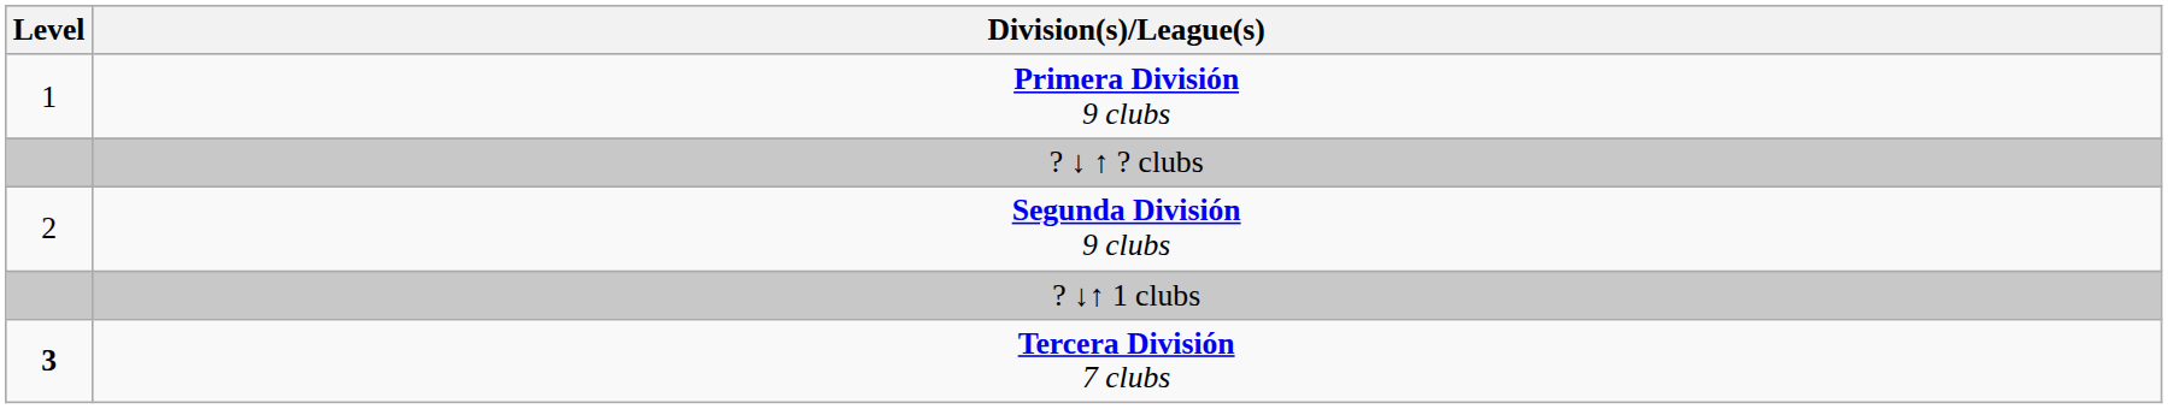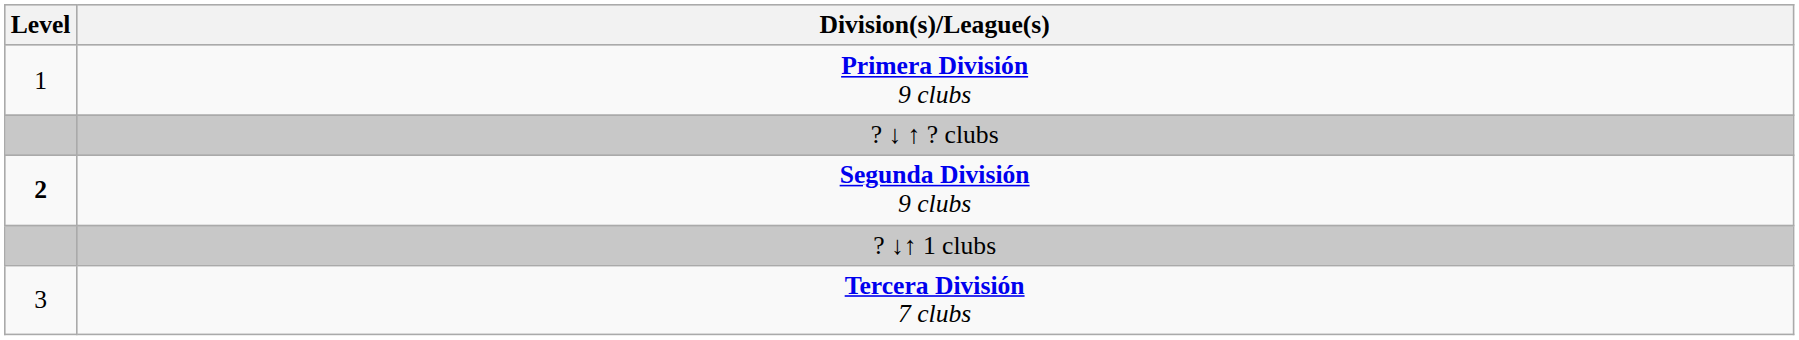 <table class="wikitable" style="text-align: center;">
 <tr>
 <th colspan="1" width="4%">Level</th>
 <th colspan="6" width="96%">Division(s)/League(s)</th>
 </tr>
 <tr>
 <td colspan="1" width="4%">1</td>
 <td colspan="6" width="96%"><strong><a href='#'>Primera División</a></strong><br><em>9 clubs</em></td>
 </tr>
 <tr style="background:#c8c8c8">
 <td style="width:4%;"></td>
 <td colspan="9" style="width:96%;">? ↓ ↑ ? clubs</td>
 </tr>
 <tr>
-<td colspan="1" width="4%">2</td>
+<td colspan="1" width="4%"><strong>2</strong></td>
 <td colspan="6" width="96%"><strong><a href='#'>Segunda División</a></strong><br><em>9 clubs</em></td>
 </tr>
 <tr style="background:#c8c8c8">
 <td style="width:4%;"></td>
 <td colspan="9" style="width:96%;">? ↓↑ 1 clubs</td>
 </tr>
 <tr>
-<td colspan="1" width="4%"><strong>3</strong></td>
+<td colspan="1" width="4%">3</td>
 <td colspan="6" width="96%"><strong><a href='#'>Tercera División</a></strong><br><em>7 clubs</em></td>
 </tr>
 </table>
